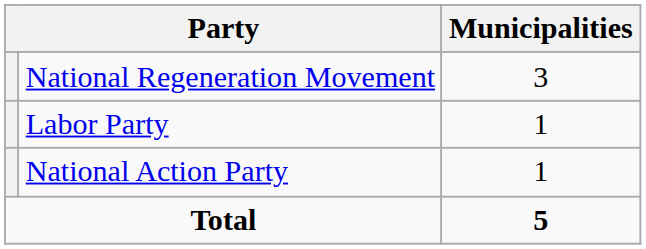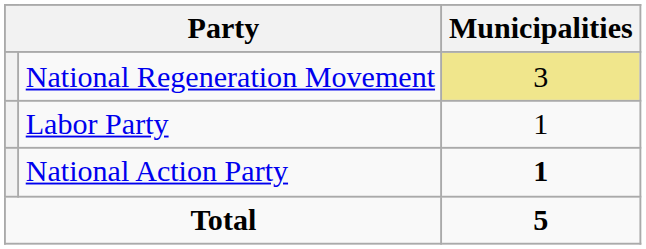 <table class="wikitable" style="text-align:center;">
 <tr>
 <th colspan="2">Party</th>
 <th>Municipalities</th>
 </tr>
 <tr>
 <th style="background-color:"></th>
 <td style="text-align:left;"><a href='#'>National Regeneration Movement</a></td>
-<td>3</td>
+<td style="background: khaki;">3</td>
 </tr>
 <tr>
 <th style="background-color:"></th>
 <td style="text-align:left;"><a href='#'>Labor Party</a></td>
 <td>1</td>
 </tr>
 <tr>
 <th style="background-color:"></th>
 <td style="text-align:left;"><a href='#'>National Action Party</a></td>
-<td>1</td>
+<td><strong>1</strong></td>
 </tr>
 <tr>
 <td colspan="2"><strong>Total</strong></td>
 <td><strong>5</strong></td>
 </tr>
 </table>
